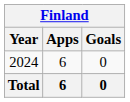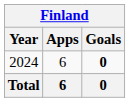 <table class=wikitable style=text-align:center>
 <tr>
 <th colspan=4><a href='#'>Finland</a></th>
 </tr>
 <tr>
 <th>Year</th>
 <th>Apps</th>
 <th>Goals</th>
 </tr>
 <tr>
 <td>2024</td>
 <td>6</td>
-<td>0</td>
+<td><strong>0</strong></td>
 </tr>
 <tr>
 <th colspan=1>Total</th>
 <th>6</th>
 <th>0</th>
 </tr>
 </table>
